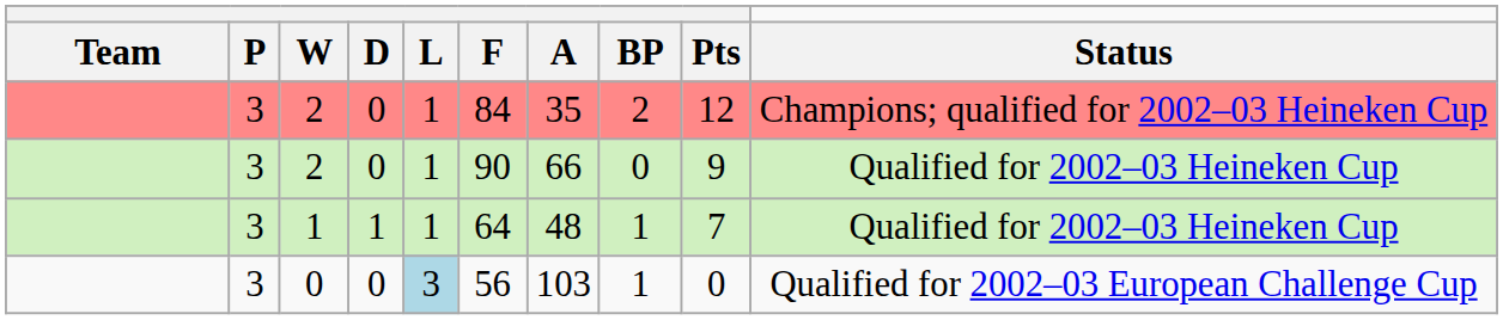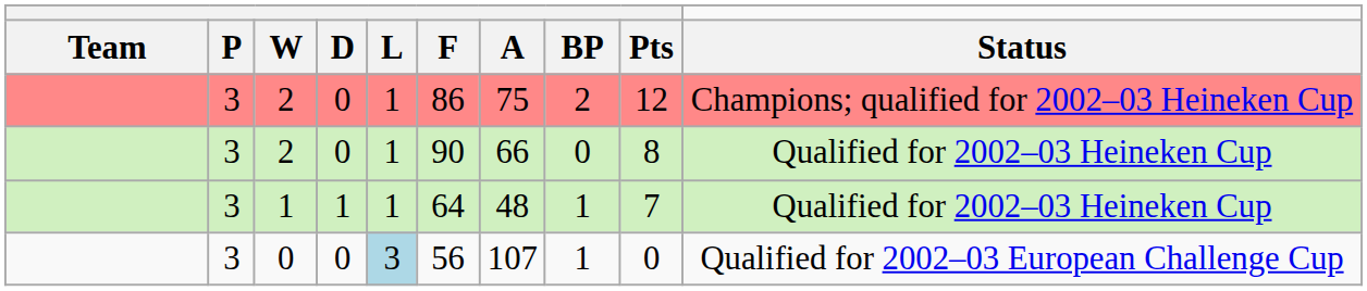 <table class="wikitable" style="text-align:center">
 <tr>
 <th colspan="9" width="317px"></th>
 </tr>
 <tr>
 <th width="90px">Team</th>
 <th>P</th>
 <th>W</th>
 <th>D</th>
 <th>L</th>
 <th width="23px">F</th>
 <th width="23px">A</th>
 <th>BP</th>
 <th width="23px">Pts</th>
 <th>Status</th>
 </tr>
 <tr bgcolor="#FF8888">
 <td></td>
 <td>3</td>
 <td>2</td>
 <td>0</td>
 <td>1</td>
-<td>84</td>
-<td>35</td>
+<td>86</td>
+<td>75</td>
 <td>2</td>
 <td>12</td>
 <td>Champions; qualified for <a href='#'>2002–03 Heineken Cup</a></td>
 </tr>
 <tr bgcolor="#D0F0C0">
 <td></td>
 <td>3</td>
 <td>2</td>
 <td>0</td>
 <td>1</td>
 <td>90</td>
 <td>66</td>
 <td>0</td>
-<td>9</td>
+<td>8</td>
 <td>Qualified for <a href='#'>2002–03 Heineken Cup</a></td>
 </tr>
 <tr bgcolor="#D0F0C0">
 <td></td>
 <td>3</td>
 <td>1</td>
 <td>1</td>
 <td>1</td>
 <td>64</td>
 <td>48</td>
 <td>1</td>
 <td>7</td>
 <td>Qualified for <a href='#'>2002–03 Heineken Cup</a></td>
 </tr>
 <tr>
 <td></td>
 <td>3</td>
 <td>0</td>
 <td>0</td>
 <td style="background: lightblue;">3</td>
 <td>56</td>
-<td>103</td>
+<td>107</td>
 <td>1</td>
 <td>0</td>
 <td>Qualified for <a href='#'>2002–03 European Challenge Cup</a></td>
 </tr>
 </table>
